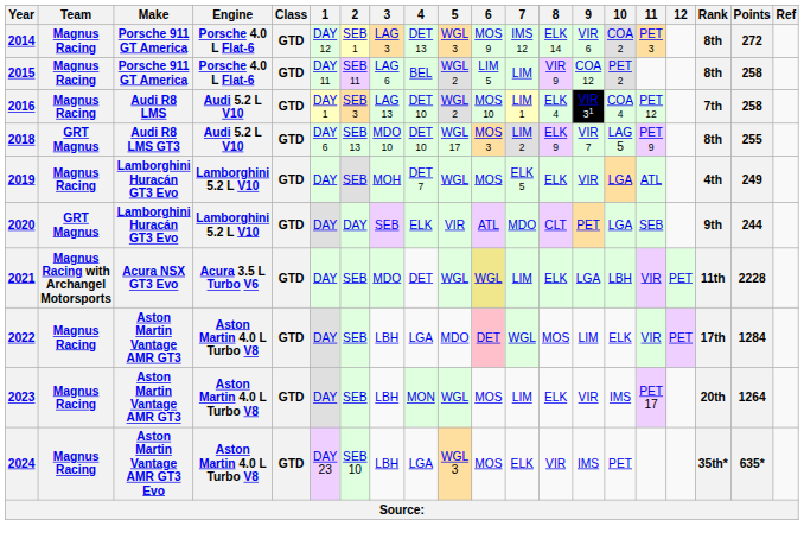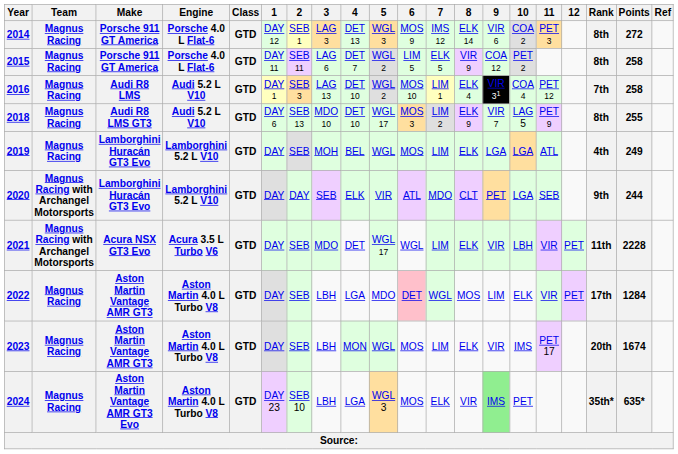 <table class="wikitable" style="text-align:center; font-size:90%">
 <tr>
 <th>Year</th>
 <th>Team</th>
 <th>Make</th>
 <th>Engine</th>
 <th>Class</th>
 <th>1</th>
 <th>2</th>
 <th>3</th>
 <th>4</th>
 <th>5</th>
 <th>6</th>
 <th>7</th>
 <th>8</th>
 <th>9</th>
 <th>10</th>
 <th>11</th>
 <th>12</th>
 <th>Rank</th>
 <th>Points</th>
 <th>Ref</th>
 </tr>
 <tr>
 <th><a href='#'>2014</a></th>
 <th><a href='#'>Magnus Racing</a></th>
 <th><a href='#'>Porsche 911 GT America</a></th>
 <th><a href='#'>Porsche</a> 4.0 L <a href='#'>Flat-6</a></th>
 <th>GTD</th>
 <td style="background:#DFFFDF;"><a href='#'>DAY</a><br><small>12</small></td>
 <td style="background:#FFFFBF;"><a href='#'>SEB</a><br><small>1</small></td>
 <td style="background:#FFDF9F;"><a href='#'>LAG</a><br><small>3</small></td>
 <td style="background:#DFFFDF;"><a href='#'>DET</a><br><small>13</small></td>
 <td style="background:#FFDF9F;"><a href='#'>WGL</a><br><small>3</small></td>
 <td style="background:#DFFFDF;"><a href='#'>MOS</a><br><small>9</small></td>
 <td style="background:#DFFFDF;"><a href='#'>IMS</a><br><small>12</small></td>
 <td style="background:#DFFFDF;"><a href='#'>ELK</a><br><small>14</small></td>
 <td style="background:#DFFFDF;"><a href='#'>VIR</a><br><small>6</small></td>
 <td style="background:#DFDFDF;"><a href='#'>COA</a><br><small>2</small></td>
 <td style="background:#FFDF9F;"><a href='#'>PET</a><br><small>3</small></td>
 <td></td>
 <th>8th</th>
 <th>272</th>
 <td></td>
 </tr>
 <tr>
 <th><a href='#'>2015</a></th>
 <th><a href='#'>Magnus Racing</a></th>
 <th><a href='#'>Porsche 911 GT America</a></th>
 <th><a href='#'>Porsche</a> 4.0 L <a href='#'>Flat-6</a></th>
 <th>GTD</th>
 <td style="background:#DFFFDF;"><a href='#'>DAY</a><br><small>11</small></td>
 <td style="background:#EFCFFF;"><a href='#'>SEB</a><br><small>11</small></td>
 <td style="background:#DFFFDF;"><a href='#'>LAG</a><br><small>6</small></td>
-<td style="background:#dfffdf;"><a href='#'>BEL</a><br></td>
+<td style="background:#DFFFDF;"><a href='#'>DET</a><br><small>7</small></td>
 <td style="background:#DFDFDF;"><a href='#'>WGL</a><br><small>2</small></td>
 <td style="background:#DFFFDF;"><a href='#'>LIM</a><br><small>5</small></td>
-<td style="background:#dfffdf;"><a href='#'>LIM</a><br></td>
+<td style="background:#DFFFDF;"><a href='#'>ELK</a><br><small>5</small></td>
 <td style="background:#EFCFFF;"><a href='#'>VIR</a><br><small>9</small></td>
 <td style="background:#DFFFDF;"><a href='#'>COA</a><br><small>12</small></td>
 <td style="background:#DFDFDF;"><a href='#'>PET</a><br><small>2</small></td>
 <td></td>
 <td></td>
 <th>8th</th>
 <th>258</th>
 <td></td>
 </tr>
 <tr>
 <th><a href='#'>2016</a></th>
 <th><a href='#'>Magnus Racing</a></th>
 <th><a href='#'>Audi R8 LMS</a></th>
 <th><a href='#'>Audi</a> 5.2 L <a href='#'>V10</a></th>
 <th>GTD</th>
 <td style="background:#FFFFBF;"><a href='#'>DAY</a><br><small>1</small></td>
 <td style="background:#FFDF9F;"><a href='#'>SEB</a><br><small>3</small></td>
 <td style="background:#DFFFDF;"><a href='#'>LAG</a><br><small>13</small></td>
 <td style="background:#DFFFDF;"><a href='#'>DET</a><br><small>10</small></td>
 <td style="background:#DFDFDF;"><a href='#'>WGL</a><br><small>2</small></td>
 <td style="background:#DFFFDF;"><a href='#'>MOS</a><br><small>10</small></td>
 <td style="background:#FFFFBF;"><a href='#'>LIM</a><br><small>1</small></td>
 <td style="background:#DFFFDF;"><a href='#'>ELK</a><br><small>4</small></td>
 <td style="background:#000000;color:white"><a href='#'>VIR</a><br><small>3<sup>1</sup></small></td>
 <td style="background:#DFFFDF;"><a href='#'>COA</a><br><small>4</small></td>
 <td style="background:#DFFFDF;"><a href='#'>PET</a><br><small>12</small></td>
 <td></td>
 <th>7th</th>
 <th>258</th>
 <td></td>
 </tr>
 <tr>
 <th><a href='#'>2018</a></th>
-<th><a href='#'>GRT Magnus</a></th>
+<th><a href='#'>Magnus Racing</a></th>
 <th><a href='#'>Audi R8 LMS GT3</a></th>
 <th><a href='#'>Audi</a> 5.2 L <a href='#'>V10</a></th>
 <th>GTD</th>
 <td style="background:#DFFFDF;"><a href='#'>DAY</a><br><small>6</small></td>
 <td style="background:#DFFFDF;"><a href='#'>SEB</a><br><small>13</small></td>
 <td style="background:#DFFFDF;"><a href='#'>MDO</a><br><small>10</small></td>
 <td style="background:#DFFFDF;"><a href='#'>DET</a><br><small>10</small></td>
 <td style="background:#DFFFDF;"><a href='#'>WGL</a><br><small>17</small></td>
 <td style="background:#FFDF9F;"><a href='#'>MOS</a><br><small>3</small></td>
 <td style="background:#DFDFDF;"><a href='#'>LIM</a><br><small>2</small></td>
 <td style="background:#efcfff;"><a href='#'>ELK</a><br><small>9</small></td>
 <td style="background:#DFFFDF;"><a href='#'>VIR</a><br><small>7</small></td>
 <td style="background:#dfffdf;"><a href='#'>LAG</a><br>5<small></small></td>
 <td style="background:#efcfff;"><a href='#'>PET</a><br><small>9</small></td>
 <td></td>
 <th style="background:#;">8th</th>
 <th style="background:#;">255</th>
 <td></td>
 </tr>
 <tr>
 <th><a href='#'>2019</a></th>
 <th><a href='#'>Magnus Racing</a></th>
 <th><a href='#'>Lamborghini Huracán GT3 Evo</a></th>
 <th><a href='#'>Lamborghini</a> 5.2 L <a href='#'>V10</a></th>
 <th>GTD</th>
 <td style="background:#dfffdf;"><a href='#'>DAY</a><br></td>
 <td style="background:#dfdfdf;"><a href='#'>SEB</a><br></td>
 <td style="background:#dfffdf;"><a href='#'>MOH</a><br></td>
-<td style="background:#DFFFDF;"><a href='#'>DET</a><br><small>7</small></td>
+<td style="background:#dfffdf;"><a href='#'>BEL</a><br></td>
 <td style="background:#dfffdf;"><a href='#'>WGL</a><br></td>
 <td style="background:#dfffdf;"><a href='#'>MOS</a><br></td>
-<td style="background:#DFFFDF;"><a href='#'>ELK</a><br><small>5</small></td>
+<td style="background:#dfffdf;"><a href='#'>LIM</a><br></td>
 <td style="background:#dfffdf;"><a href='#'>ELK</a><br></td>
-<td style="background:#dfffdf;"><a href='#'>VIR</a><br></td>
+<td style="background:#dfffdf;"><a href='#'>LGA</a><br></td>
 <td style="background:#ffdf9f;"><a href='#'>LGA</a><br></td>
 <td style="background:#dfffdf;"><a href='#'>ATL</a><br></td>
 <td></td>
 <th style="background:#;">4th</th>
 <th style="background:#;">249</th>
 <td></td>
 </tr>
 <tr>
 <th><a href='#'>2020</a></th>
-<th><a href='#'>GRT Magnus</a></th>
+<th><a href='#'>Magnus Racing</a> with Archangel Motorsports</th>
 <th><a href='#'>Lamborghini Huracán GT3 Evo</a></th>
 <th><a href='#'>Lamborghini</a> 5.2 L <a href='#'>V10</a></th>
 <th>GTD</th>
 <td style="background:#dfdfdf;"><a href='#'>DAY</a><br></td>
 <td style="background:#dfffdf;"><a href='#'>DAY</a><br></td>
 <td style="background:#efcfff;"><a href='#'>SEB</a><br></td>
 <td style="background:#dfffdf;"><a href='#'>ELK</a><br></td>
 <td style="background:#dfffdf;"><a href='#'>VIR</a><br></td>
 <td style="background:#efcfff;"><a href='#'>ATL</a><br></td>
 <td style="background:#dfffdf;"><a href='#'>MDO</a><br></td>
 <td style="background:#efcfff;"><a href='#'>CLT</a><br></td>
 <td style="background:#ffdf9f;"><a href='#'>PET</a><br></td>
 <td style="background:#dfffdf;"><a href='#'>LGA</a><br></td>
 <td style="background:#dfffdf;"><a href='#'>SEB</a><br></td>
 <td></td>
 <th>9th</th>
 <th>244</th>
 <td></td>
 </tr>
 <tr>
 <th><a href='#'>2021</a></th>
 <th><a href='#'>Magnus Racing</a> with Archangel Motorsports</th>
 <th><a href='#'>Acura NSX GT3 Evo</a></th>
 <th><a href='#'>Acura</a> 3.5 L <a href='#'>Turbo</a> <a href='#'>V6</a></th>
 <th>GTD</th>
 <td style="background:#DFFFDF;"><a href='#'>DAY</a><br></td>
 <td style="background:#dfffdf;"><a href='#'>SEB</a><br></td>
 <td style="background:#dfffdf;"><a href='#'>MDO</a><br></td>
 <td><a href='#'>DET</a></td>
-<td style="background:#dfffdf;"><a href='#'>WGL</a><br></td>
-<td style="background: khaki;"><a href='#'>WGL</a></td>
+<td style="background:#DFFFDF;"><a href='#'>WGL</a><br><small>17</small></td>
+<td><a href='#'>WGL</a></td>
 <td style="background:#dfffdf;"><a href='#'>LIM</a><br></td>
 <td style="background:#dfffdf;"><a href='#'>ELK</a><br></td>
-<td style="background:#dfffdf;"><a href='#'>LGA</a><br></td>
+<td style="background:#dfffdf;"><a href='#'>VIR</a><br></td>
 <td style="background:#dfffdf;"><a href='#'>LBH</a><br></td>
 <td style="background:#efcfff;"><a href='#'>VIR</a><br></td>
 <td style="background:#dfffdf;"><a href='#'>PET</a><br></td>
 <th style="background:#;">11th</th>
 <th style="background:#;">2228</th>
 <td></td>
 </tr>
 <tr>
 <th><a href='#'>2022</a></th>
 <th><a href='#'>Magnus Racing</a></th>
 <th><a href='#'>Aston Martin Vantage AMR GT3</a></th>
 <th><a href='#'>Aston Martin</a> 4.0 L Turbo <a href='#'>V8</a></th>
 <th>GTD</th>
 <td style="background:#DFDFDF;"><a href='#'>DAY</a><br></td>
 <td style="background:#DFFFDF;"><a href='#'>SEB</a><br></td>
 <td><a href='#'>LBH</a></td>
 <td><a href='#'>LGA</a></td>
 <td><a href='#'>MDO</a></td>
 <td style="background: pink;"><a href='#'>DET</a></td>
 <td style="background:#DFFFDF;"><a href='#'>WGL</a><br></td>
 <td style="background:"><a href='#'>MOS</a><br></td>
 <td style="background:"><a href='#'>LIM</a><br></td>
 <td style="background:"><a href='#'>ELK</a><br></td>
 <td style="background:#DFFFDF;"><a href='#'>VIR</a><br></td>
 <td style="background:#efcfff;"><a href='#'>PET</a><br></td>
 <th>17th</th>
 <th>1284</th>
 <td></td>
 </tr>
 <tr>
 <th><a href='#'>2023</a></th>
 <th><a href='#'>Magnus Racing</a></th>
 <th><a href='#'>Aston Martin Vantage AMR GT3</a></th>
 <th><a href='#'>Aston Martin</a> 4.0 L Turbo <a href='#'>V8</a></th>
 <th>GTD</th>
 <td style="background:#DFDFDF;"><a href='#'>DAY</a><br></td>
 <td style="background:#DFFFDF;"><a href='#'>SEB</a><br></td>
 <td><a href='#'>LBH</a><br></td>
 <td style="background:#DFFFDF;"><a href='#'>MON</a><br></td>
 <td style="background:#DFFFDF;"><a href='#'>WGL</a><br></td>
 <td><a href='#'>MOS</a><br></td>
 <td><a href='#'>LIM</a><br></td>
 <td><a href='#'>ELK</a><br></td>
 <td><a href='#'>VIR</a><br></td>
 <td><a href='#'>IMS</a></td>
 <td style="background:#efcfff;"><a href='#'>PET</a><br>17</td>
 <td></td>
 <th>20th</th>
-<th>1264</th>
+<th>1674</th>
 <td></td>
 </tr>
 <tr>
 <th><a href='#'>2024</a></th>
 <th><a href='#'>Magnus Racing</a></th>
 <th><a href='#'>Aston Martin Vantage AMR GT3 Evo</a></th>
 <th><a href='#'>Aston Martin</a> 4.0 L Turbo <a href='#'>V8</a></th>
 <th>GTD</th>
 <td style="background:#efcfff;"><a href='#'>DAY</a><br>23</td>
 <td style="background:#DFFFDF;"><a href='#'>SEB</a><br>10</td>
 <td><a href='#'>LBH</a><br></td>
 <td><a href='#'>LGA</a><br></td>
 <td style="background:#ffdf9f;"><a href='#'>WGL</a><br>3</td>
 <td><a href='#'>MOS</a><br></td>
 <td><a href='#'>ELK</a><br></td>
 <td><a href='#'>VIR</a><br></td>
-<td><a href='#'>IMS</a><br></td>
+<td style="background: lightgreen;"><a href='#'>IMS</a><br></td>
 <td><a href='#'>PET</a><br></td>
 <td></td>
 <td></td>
 <th>35th*</th>
 <th>635*</th>
 <td></td>
 </tr>
 <tr>
 <th colspan="20">Source:</th>
 </tr>
 </table>
